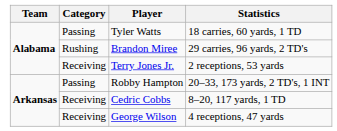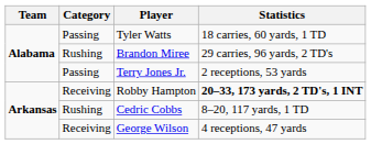 <table class="wikitable" style="float: right;">
 <tr>
 <th>Team</th>
 <th>Category</th>
 <th>Player</th>
 <th>Statistics</th>
 </tr>
 <tr>
 <td rowspan=3><strong>Alabama</strong></td>
 <td>Passing</td>
 <td>Tyler Watts</td>
 <td>18 carries, 60 yards, 1 TD</td>
 </tr>
 <tr>
 <td>Rushing</td>
 <td><a href='#'>Brandon Miree</a></td>
 <td>29 carries, 96 yards, 2 TD's</td>
 </tr>
 <tr>
-<td>Receiving</td>
+<td>Passing</td>
 <td><a href='#'>Terry Jones Jr.</a></td>
 <td>2 receptions, 53 yards</td>
 </tr>
 <tr>
 <td rowspan=3><strong>Arkansas</strong></td>
-<td>Passing</td>
+<td>Receiving</td>
 <td>Robby Hampton</td>
-<td>20–33, 173 yards, 2 TD's, 1 INT</td>
+<td><strong>20–33, 173 yards, 2 TD's, 1 INT</strong></td>
 </tr>
 <tr>
-<td>Receiving</td>
+<td>Rushing</td>
 <td><a href='#'>Cedric Cobbs</a></td>
 <td>8–20, 117 yards, 1 TD</td>
 </tr>
 <tr>
 <td>Receiving</td>
 <td><a href='#'>George Wilson</a></td>
 <td>4 receptions, 47 yards</td>
 </tr>
 </table>
